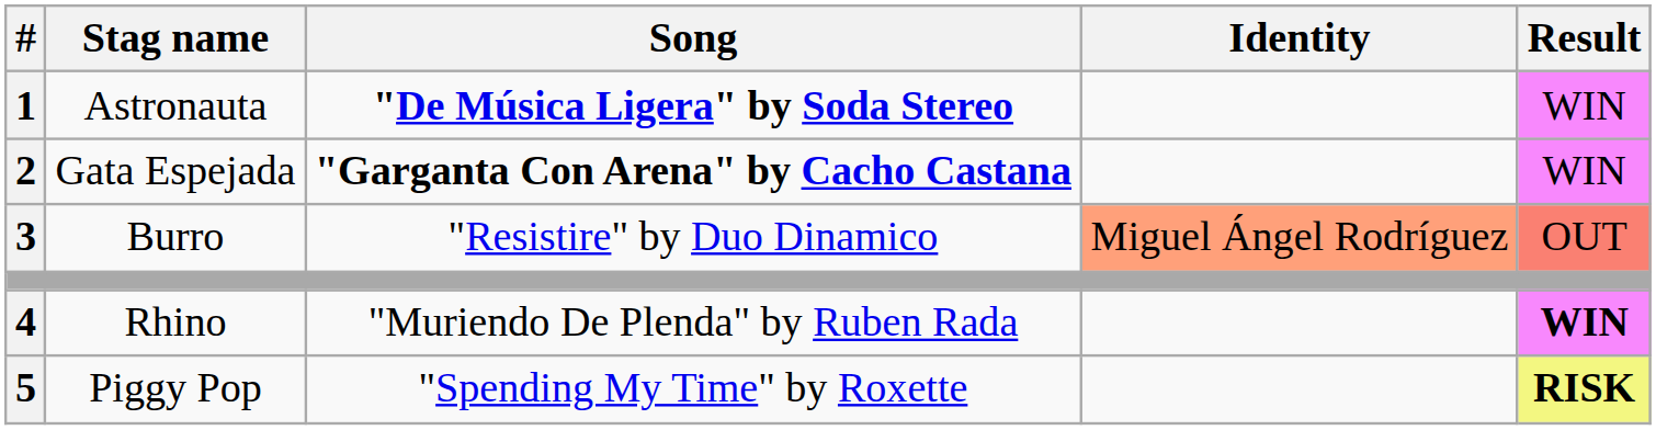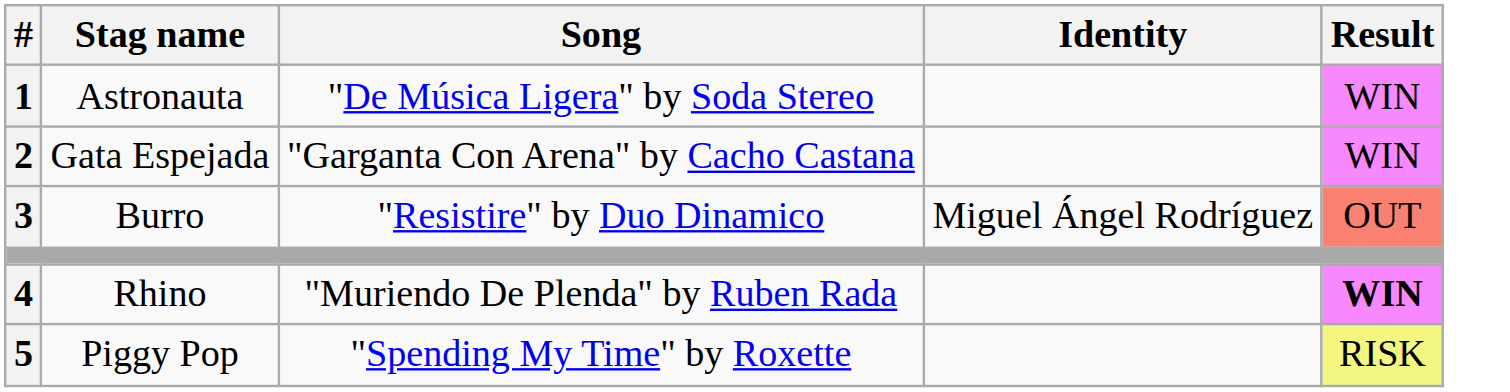 <table class="wikitable plainrowheaders" style="text-align: center;">
 <tr>
 <th>#</th>
 <th>Stag name</th>
 <th>Song</th>
 <th>Identity</th>
 <th>Result</th>
 </tr>
 <tr>
 <th><strong>1</strong></th>
 <td>Astronauta</td>
-<td><strong>"<a href='#'>De Música Ligera</a>" by <a href='#'>Soda Stereo</a></strong></td>
+<td>"<a href='#'>De Música Ligera</a>" by <a href='#'>Soda Stereo</a></td>
 <td></td>
 <td bgcolor="#F888FD">WIN</td>
 </tr>
 <tr>
 <th><strong>2</strong></th>
 <td>Gata Espejada</td>
-<td><strong>"Garganta Con Arena" by <a href='#'>Cacho Castana</a></strong></td>
+<td>"Garganta Con Arena" by <a href='#'>Cacho Castana</a></td>
 <td></td>
 <td bgcolor="#F888FD">WIN</td>
 </tr>
 <tr>
 <th><strong>3</strong></th>
 <td>Burro</td>
 <td>"<a href='#'>Resistire</a>" by <a href='#'>Duo Dinamico</a></td>
-<td style="background: lightsalmon;">Miguel Ángel Rodríguez</td>
+<td>Miguel Ángel Rodríguez</td>
 <td bgcolor=salmon>OUT</td>
 </tr>
 <tr>
 <td colspan="5" style="background:darkgray"></td>
 </tr>
 <tr>
 <th><strong>4</strong></th>
 <td>Rhino</td>
 <td>"Muriendo De Plenda" by <a href='#'>Ruben Rada</a></td>
 <td></td>
 <td bgcolor="#F888FD"><strong>WIN</strong></td>
 </tr>
 <tr>
 <th><strong>5</strong></th>
 <td>Piggy Pop</td>
 <td>"<a href='#'>Spending My Time</a>" by <a href='#'>Roxette</a></td>
 <td></td>
-<td bgcolor="#F3F781"><strong>RISK</strong></td>
+<td bgcolor="#F3F781">RISK</td>
 </tr>
 </table>
